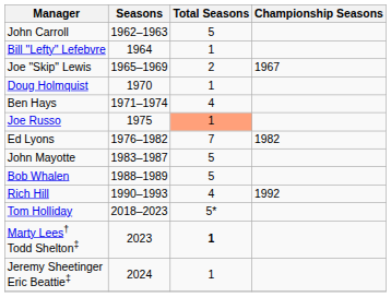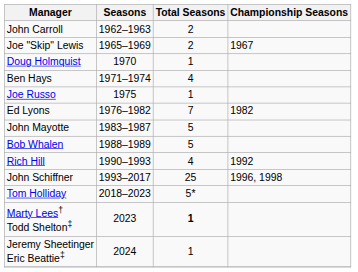 <table class="wikitable" style="text-align:center">
 <tr>
 <th>Manager</th>
 <th>Seasons</th>
 <th>Total Seasons</th>
 <th>Championship Seasons</th>
 </tr>
 <tr>
 <td style="text-align:left">John Carroll</td>
 <td>1962–1963</td>
-<td>5</td>
-<td style="text-align:left"></td>
-</tr>
-<tr>
-<td style="text-align:left"><a href='#'>Bill "Lefty" Lefebvre</a></td>
-<td>1964</td>
-<td>1</td>
+<td>2</td>
 <td style="text-align:left"></td>
 </tr>
 <tr>
 <td style="text-align:left">Joe "Skip" Lewis</td>
 <td>1965–1969</td>
 <td>2</td>
 <td style="text-align:left">1967</td>
 </tr>
 <tr>
 <td style="text-align:left"><a href='#'>Doug Holmquist</a></td>
 <td>1970</td>
 <td>1</td>
 <td style="text-align:left"></td>
 </tr>
 <tr>
 <td style="text-align:left">Ben Hays</td>
 <td>1971–1974</td>
 <td>4</td>
 <td style="text-align:left"></td>
 </tr>
 <tr>
 <td style="text-align:left"><a href='#'>Joe Russo</a></td>
 <td>1975</td>
-<td style="background: lightsalmon;">1</td>
+<td>1</td>
 <td style="text-align:left"></td>
 </tr>
 <tr>
 <td style="text-align:left">Ed Lyons</td>
 <td>1976–1982</td>
 <td>7</td>
 <td style="text-align:left">1982</td>
 </tr>
 <tr>
 <td style="text-align:left">John Mayotte</td>
 <td>1983–1987</td>
 <td>5</td>
 <td style="text-align:left"></td>
 </tr>
 <tr>
 <td style="text-align:left"><a href='#'>Bob Whalen</a></td>
 <td>1988–1989</td>
 <td>5</td>
 <td style="text-align:left"></td>
 </tr>
 <tr>
 <td style="text-align:left"><a href='#'>Rich Hill</a></td>
 <td>1990–1993</td>
 <td>4</td>
 <td style="text-align:left">1992</td>
 </tr>
 <tr>
+<td style="text-align:left">John Schiffner</td>
+<td>1993–2017</td>
+<td>25</td>
+<td style="text-align:left">1996, 1998</td>
+</tr>
+<tr>
 <td style="text-align:left"><a href='#'>Tom Holliday</a></td>
 <td>2018–2023</td>
 <td>5*</td>
 <td style="text-align:left"></td>
 </tr>
 <tr>
 <td style="text-align:left"><a href='#'>Marty Lees</a><sup>†</sup><br>Todd Shelton<sup>‡</sup></td>
 <td>2023</td>
 <td><strong>1</strong></td>
 <td style="text-align:left"></td>
 </tr>
 <tr>
 <td style="text-align:left">Jeremy Sheetinger<br>Eric Beattie<sup>‡</sup></td>
 <td>2024</td>
 <td>1</td>
 <td style="text-align:left"></td>
 </tr>
 <tr>
 </tr>
 </table>
